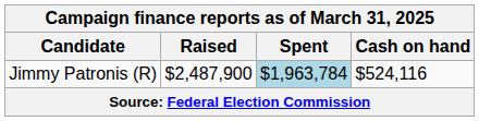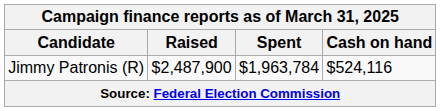 <table class="wikitable sortable">
 <tr>
 <th colspan=4>Campaign finance reports as of March 31, 2025</th>
 </tr>
 <tr style="text-align:center;">
 <th>Candidate</th>
 <th>Raised</th>
 <th>Spent</th>
 <th>Cash on hand</th>
 </tr>
 <tr>
 <td>Jimmy Patronis (R)</td>
 <td>$2,487,900</td>
-<td style="background: lightblue;">$1,963,784</td>
+<td>$1,963,784</td>
 <td>$524,116</td>
 </tr>
 <tr>
 <th colspan="4"><small>Source: <a href='#'>Federal Election Commission</a></small></th>
 </tr>
 </table>
